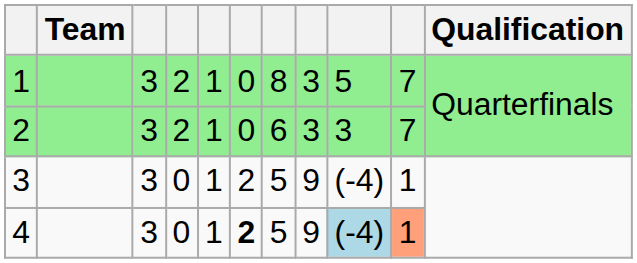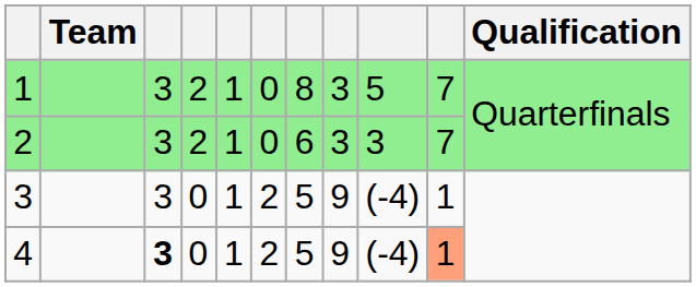 <table class="wikitable">
 <tr>
 <th></th>
 <th>Team</th>
 <th></th>
 <th></th>
 <th></th>
 <th></th>
 <th></th>
 <th></th>
 <th></th>
 <th></th>
 <th>Qualification</th>
 </tr>
 <tr bgcolor=lightgreen>
 <td>1</td>
 <td></td>
 <td>3</td>
 <td>2</td>
 <td>1</td>
 <td>0</td>
 <td>8</td>
 <td>3</td>
 <td>5</td>
 <td>7</td>
 <td rowspan=2>Quarterfinals</td>
 </tr>
 <tr bgcolor=lightgreen>
 <td>2</td>
 <td></td>
 <td>3</td>
 <td>2</td>
 <td>1</td>
 <td>0</td>
 <td>6</td>
 <td>3</td>
 <td>3</td>
 <td>7</td>
 </tr>
 <tr>
 <td>3</td>
 <td></td>
 <td>3</td>
 <td>0</td>
 <td>1</td>
 <td>2</td>
 <td>5</td>
 <td>9</td>
 <td>(-4)</td>
 <td>1</td>
 <td rowspan=2></td>
 </tr>
 <tr>
 <td>4</td>
 <td></td>
-<td>3</td>
+<td><strong>3</strong></td>
 <td>0</td>
 <td>1</td>
-<td><strong>2</strong></td>
+<td>2</td>
 <td>5</td>
 <td>9</td>
-<td style="background: lightblue;">(-4)</td>
+<td>(-4)</td>
 <td style="background: lightsalmon;">1</td>
 </tr>
 </table>
